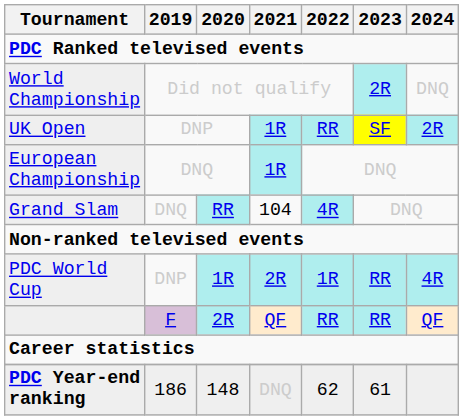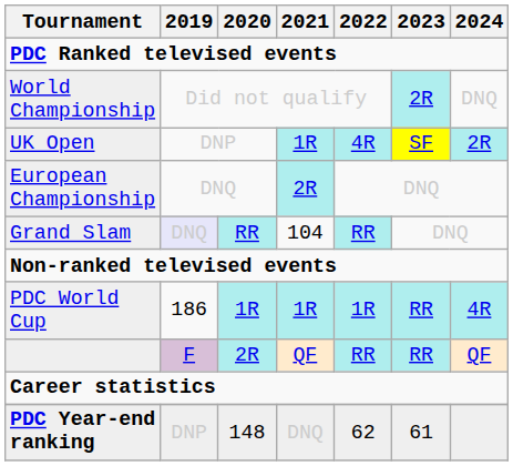 <table class="wikitable" style="width:20%; margin:0">
 <tr>
 <th>Tournament</th>
 <th>2019</th>
 <th>2020</th>
 <th>2021</th>
 <th>2022</th>
 <th>2023</th>
 <th>2024</th>
 </tr>
 <tr>
 <td colspan="31" align="left"><strong><a href='#'>PDC</a> Ranked televised events</strong></td>
 </tr>
 <tr>
 <td style="background:#efefef;"><a href='#'>World Championship</a></td>
 <td colspan="4" style="text-align:center; color:#ccc;">Did not qualify</td>
 <td style="text-align:center; background:#afeeee;"><a href='#'>2R</a></td>
 <td style="text-align:center; color:#ccc;">DNQ</td>
 </tr>
 <tr>
 <td style="background:#efefef;"><a href='#'>UK Open</a></td>
 <td colspan="2" style="text-align:center; color:#ccc;">DNP</td>
 <td style="text-align:center; background:#afeeee;"><a href='#'>1R</a></td>
-<td style="text-align:center; background:#afeeee;"><a href='#'>RR</a></td>
+<td style="text-align:center; background:#afeeee;"><a href='#'>4R</a></td>
 <td style="text-align:center; background:yellow;"><a href='#'>SF</a></td>
 <td style="text-align:center; background:#afeeee;"><a href='#'>2R</a></td>
 </tr>
 <tr>
 <td style="background:#efefef;"><a href='#'>European Championship</a></td>
 <td colspan="2" style="text-align:center; color:#ccc;">DNQ</td>
-<td style="text-align:center; background:#afeeee;"><a href='#'>1R</a></td>
+<td style="text-align:center; background:#afeeee;"><a href='#'>2R</a></td>
 <td colspan="3" style="text-align:center; color:#ccc;">DNQ</td>
 </tr>
 <tr>
 <td style="background:#efefef;"><a href='#'>Grand Slam</a></td>
-<td style="text-align:center; color:#ccc;">DNQ</td>
+<td style="background: lavender; text-align:center; color:#ccc;">DNQ</td>
 <td style="text-align:center; background:#afeeee;"><a href='#'>RR</a></td>
 <td style="text-align:center;">104 <br></td>
-<td style="text-align:center; background:#afeeee;"><a href='#'>4R</a></td>
+<td style="text-align:center; background:#afeeee;"><a href='#'>RR</a></td>
 <td colspan="2" style="text-align:center; color:#ccc;">DNQ</td>
 </tr>
 <tr>
 <td colspan="15" align="left"><strong>Non-ranked televised events</strong></td>
 </tr>
 <tr>
 <td style="background:#efefef;"><a href='#'>PDC World Cup</a></td>
-<td style="text-align:center; color:#ccc;">DNP</td>
+<td style="text-align:center;">186</td>
 <td style="text-align:center; background:#afeeee;"><a href='#'>1R</a></td>
-<td style="text-align:center; background:#afeeee;"><a href='#'>2R</a></td>
+<td style="text-align:center; background:#afeeee;"><a href='#'>1R</a></td>
 <td style="text-align:center; background:#afeeee;"><a href='#'>1R</a></td>
 <td style="text-align:center; background:#afeeee;"><a href='#'>RR</a></td>
 <td style="text-align:center; background:#afeeee;"><a href='#'>4R</a></td>
 </tr>
 <tr>
 <td style="background:#efefef;"></td>
 <td style="text-align:center; background:thistle;"><a href='#'>F</a></td>
 <td style="text-align:center; background:#afeeee;"><a href='#'>2R</a></td>
 <td style="text-align:center; background:#ffebcd;"><a href='#'>QF</a></td>
 <td style="text-align:center; background:#afeeee;"><a href='#'>RR</a></td>
 <td style="text-align:center; background:#afeeee;"><a href='#'>RR</a></td>
 <td style="text-align:center; background:#ffebcd;"><a href='#'>QF</a></td>
 </tr>
 <tr>
 <td colspan="14" align="left"><strong>Career statistics</strong></td>
 </tr>
 <tr>
 </tr>
 <tr bgcolor="efefef">
 <td align="left"><strong><a href='#'>PDC</a> Year-end ranking</strong></td>
-<td style="text-align:center;">186</td>
+<td style="text-align:center; color:#ccc;">DNP</td>
 <td style="text-align:center;">148</td>
 <td style="text-align:center; color:#ccc;">DNQ</td>
 <td style="text-align:center;">62</td>
 <td style="text-align:center;">61</td>
 <td></td>
 </tr>
 </table>
